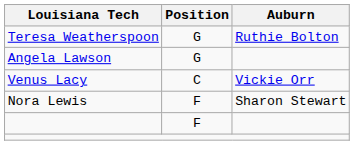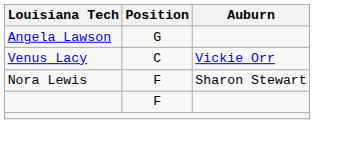 <table class="wikitable">
 <tr>
 <th>Louisiana Tech</th>
 <th>Position</th>
 <th>Auburn</th>
-</tr>
-<tr>
-<td><a href='#'>Teresa Weatherspoon</a></td>
-<td style="text-align:center">G</td>
-<td><a href='#'>Ruthie Bolton</a></td>
 </tr>
 <tr>
 <td><a href='#'>Angela Lawson</a></td>
 <td style="text-align:center">G</td>
 <td></td>
 </tr>
 <tr>
 <td><a href='#'>Venus Lacy</a></td>
 <td style="text-align:center">C</td>
 <td><a href='#'>Vickie Orr</a></td>
 </tr>
 <tr>
 <td>Nora Lewis</td>
 <td style="text-align:center">F</td>
 <td>Sharon Stewart</td>
 </tr>
 <tr>
 <td></td>
 <td style="text-align:center">F</td>
 <td></td>
 </tr>
 <tr>
 <td style="text-align:center" colspan=3></td>
 </tr>
 </table>
